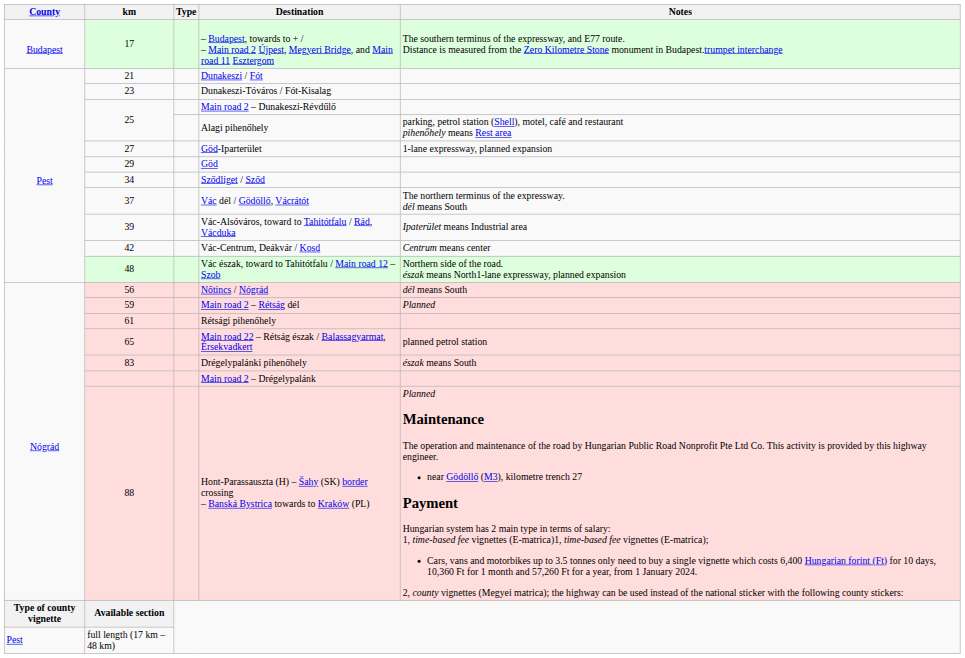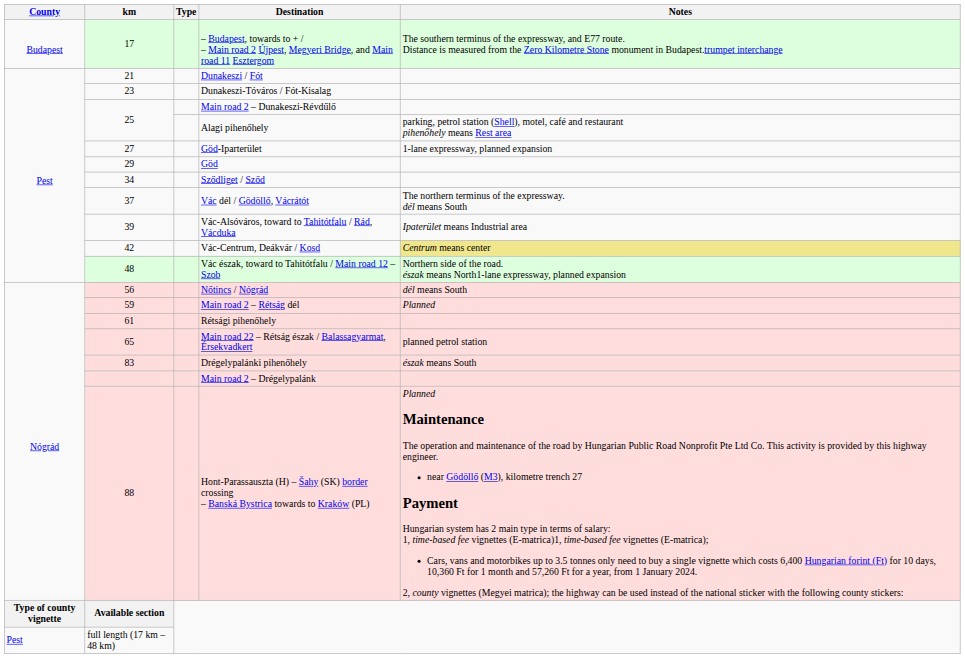 <table class="wikitable sortable sticky-header">
 <tr>
 <th scope="col"><a href='#'>County</a></th>
 <th scope="col">km</th>
 <th scope="col">Type</th>
 <th scope="col">Destination</th>
 <th scope="col">Notes</th>
 </tr>
 <tr>
 <td align=center><br><a href='#'>Budapest</a></td>
 <td style="background:#dfd;" align=center>17</td>
 <td style="background:#dfd;" align=center></td>
 <td style="background:#dfd;"><br> – <a href='#'>Budapest</a>, towards to   +  /<br> –  <a href='#'>Main road 2</a> <a href='#'>Újpest</a>, <a href='#'>Megyeri Bridge</a>, and  <a href='#'>Main road 11</a> <a href='#'>Esztergom</a></td>
 <td style="background:#dfd;">The southern terminus of the  expressway, and E77 route.<br>Distance is measured from the <a href='#'>Zero Kilometre Stone</a> monument in Budapest.<a href='#'>trumpet interchange</a></td>
 </tr>
 <tr>
 <td rowspan=11; align=center><br><a href='#'>Pest</a></td>
 <td align=center>21</td>
 <td align=center></td>
 <td><a href='#'>Dunakeszi</a> / <a href='#'>Fót</a></td>
 <td></td>
 </tr>
 <tr>
 <td align=center>23</td>
 <td align=center></td>
 <td>Dunakeszi-Tóváros / Fót-Kisalag</td>
 <td></td>
 </tr>
 <tr>
 <td rowspan=2; align=center>25</td>
 <td align=center></td>
 <td> <a href='#'>Main road 2</a> – Dunakeszi-Révdűlő</td>
 <td></td>
 </tr>
 <tr>
 <td align=center></td>
 <td>Alagi pihenőhely</td>
 <td>parking, petrol station (<a href='#'>Shell</a>), motel, café and restaurant<br><em>pihenőhely</em> means <a href='#'>Rest area</a></td>
 </tr>
 <tr>
 <td align=center>27</td>
 <td align=center></td>
 <td><a href='#'>Göd</a>-Iparterület</td>
 <td>1-lane expressway, planned expansion</td>
 </tr>
 <tr>
 <td align=center>29</td>
 <td align=center></td>
 <td><a href='#'>Göd</a></td>
 <td></td>
 </tr>
 <tr>
 <td align=center>34</td>
 <td align=center></td>
 <td><a href='#'>Sződliget</a> / <a href='#'>Sződ</a></td>
 <td></td>
 </tr>
 <tr>
 <td align=center>37</td>
 <td align=center></td>
 <td><a href='#'>Vác</a> dél / <a href='#'>Gödöllő</a>, <a href='#'>Vácrátót</a></td>
 <td>The northern terminus of the expressway.<br><em>dél</em> means South</td>
 </tr>
 <tr>
 <td align=center>39</td>
 <td align=center></td>
 <td>Vác-Alsóváros, toward to <a href='#'>Tahitótfalu</a> / <a href='#'>Rád</a>, <a href='#'>Vácduka</a></td>
 <td><em>Ipaterület</em> means Industrial area</td>
 </tr>
 <tr>
 <td align=center>42</td>
 <td align=center></td>
 <td>Vác-Centrum, Deákvár / <a href='#'>Kosd</a></td>
-<td><em>Centrum</em> means center</td>
+<td style="background: khaki;"><em>Centrum</em> means center</td>
 </tr>
 <tr>
 <td style="background:#dfd;" align=center>48</td>
 <td style="background:#dfd;" align=center></td>
 <td style="background:#dfd;">Vác észak, toward to Tahitótfalu /  <a href='#'>Main road 12</a> – <a href='#'>Szob</a></td>
 <td style="background:#dfd;">Northern side of the road.<br><em>észak</em> means North1-lane expressway, planned expansion</td>
 </tr>
 <tr>
 <td rowspan=7; align=center><br><a href='#'>Nógrád</a></td>
 <td style="background:#fdd;" align=center>56</td>
 <td style="background:#fdd;" align=center></td>
 <td style="background:#fdd;"><a href='#'>Nőtincs</a> / <a href='#'>Nógrád</a></td>
 <td style="background:#fdd;"><em>dél</em> means South</td>
 </tr>
 <tr>
 <td style="background:#fdd;" align=center>59</td>
 <td style="background:#fdd;" align=center></td>
 <td style="background:#fdd;"> <a href='#'>Main road 2</a> – <a href='#'>Rétság</a> dél</td>
 <td style="background:#fdd;"><em>Planned</em></td>
 </tr>
 <tr>
 <td style="background:#fdd;" align=center>61</td>
 <td style="background:#fdd;" align=center></td>
 <td style="background:#fdd;">Rétsági pihenőhely</td>
 <td style="background:#fdd;"></td>
 </tr>
 <tr>
 <td style="background:#fdd;" align=center>65</td>
 <td style="background:#fdd;" align=center></td>
 <td style="background:#fdd;"> <a href='#'>Main road 22</a> – Rétság észak / <a href='#'>Balassagyarmat</a>, <a href='#'>Érsekvadkert</a></td>
 <td style="background:#fdd;">planned petrol station</td>
 </tr>
 <tr>
 <td style="background:#fdd;" align=center>83</td>
 <td style="background:#fdd;" align=center></td>
 <td style="background:#fdd;">Drégelypalánki pihenőhely</td>
 <td style="background:#fdd;"><em>észak</em> means South</td>
 </tr>
 <tr>
 <td style="background:#fdd;" align=center></td>
 <td style="background:#fdd;" align=center></td>
 <td style="background:#fdd;"> <a href='#'>Main road 2</a> – Drégelypalánk</td>
 <td style="background:#fdd;"></td>
 </tr>
 <tr>
 <td style="background:#fdd;" align=center>88</td>
 <td style="background:#fdd;" align=center></td>
 <td style="background:#fdd;">Hont-Parassauszta (H) – <a href='#'>Šahy</a> (SK) <a href='#'>border</a> crossing<br> – <a href='#'>Banská Bystrica</a> towards to <a href='#'>Kraków</a> (PL)</td>
 <td style="background:#fdd;"><em>Planned</em><br><h2>Maintenance</h2>The operation and maintenance of the road by Hungarian Public Road Nonprofit Pte Ltd Co. This activity is provided by this highway engineer.<ul><li>near <a href='#'>Gödöllő</a> (<a href='#'>M3</a>), kilometre trench 27</li></ul><h2>Payment</h2>Hungarian system has 2 main type in terms of salary:<br>1, <em>time-based fee</em> vignettes (E-matrica)1, <em>time-based fee</em> vignettes (E-matrica);<ul><li>Cars, vans and motorbikes up to 3.5 tonnes only need to buy a single vignette which costs 6,400 <a href='#'>Hungarian forint (Ft)</a> for 10 days, 10,360 Ft for 1 month and 57,260 Ft for a year, from 1 January 2024.</li></ul>2, <em>county</em> vignettes (Megyei matrica); the highway can be used instead of the national sticker with the following county stickers:</td>
 </tr>
 <tr>
 <th>Type of county vignette</th>
 <th>Available section</th>
 </tr>
 <tr>
 <td><a href='#'>Pest</a></td>
 <td>full length (17 km – 48 km)</td>
 </tr>
 </table>
